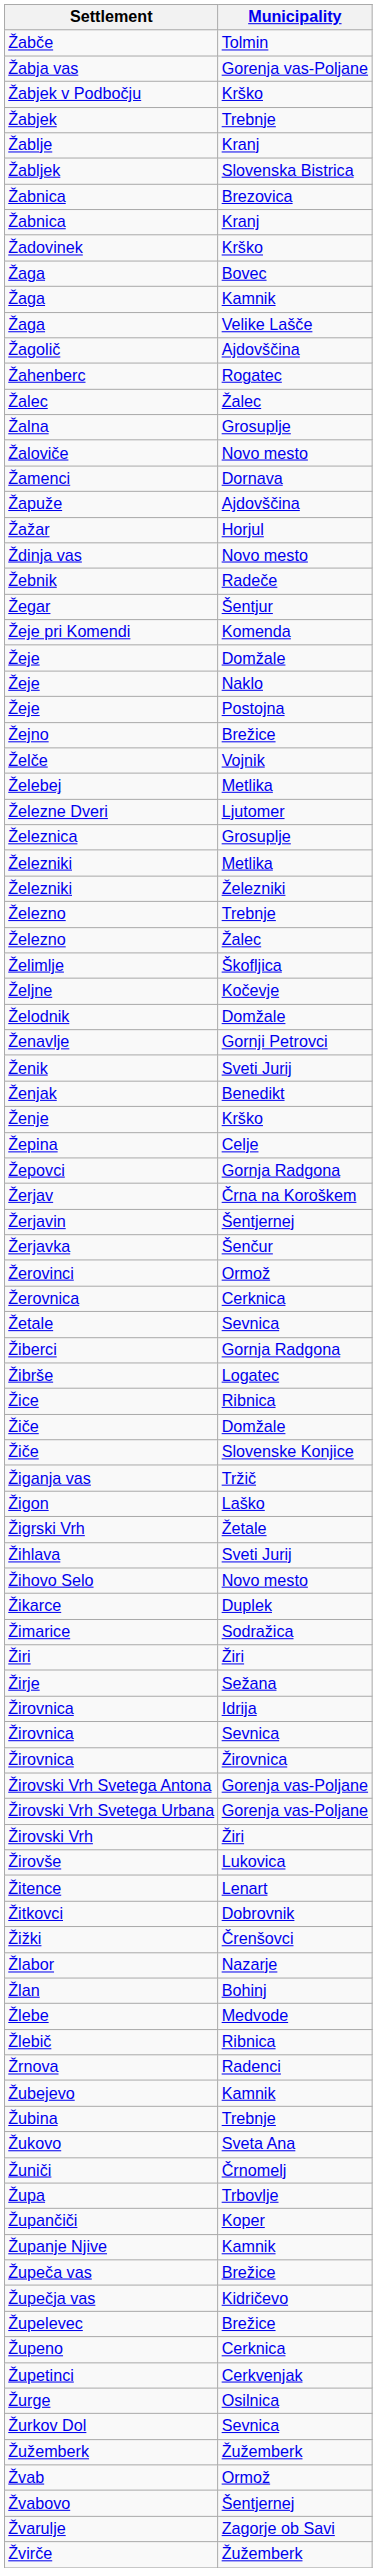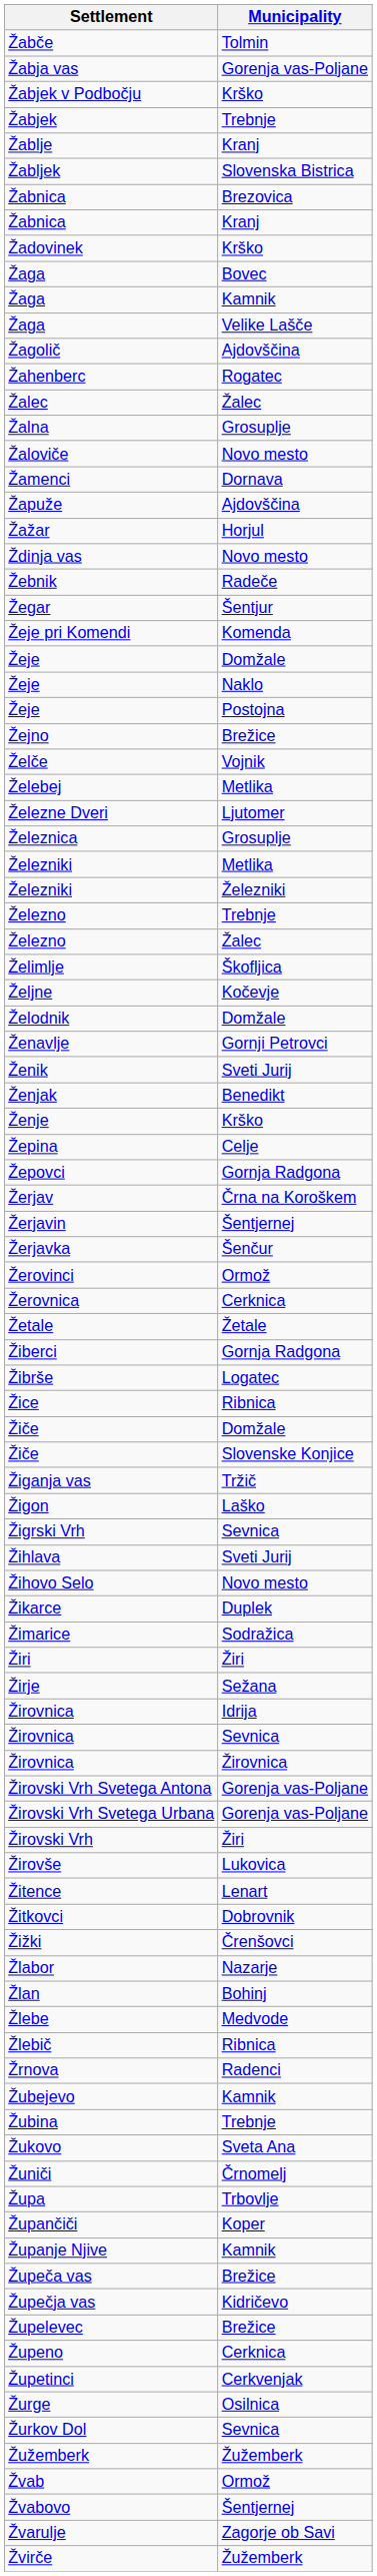 <table class="wikitable sortable">
 <tr>
 <th>Settlement</th>
 <th><a href='#'>Municipality</a></th>
 </tr>
 <tr>
 <td><a href='#'>Žabče</a></td>
 <td><a href='#'>Tolmin</a></td>
 </tr>
 <tr>
 <td><a href='#'>Žabja vas</a></td>
 <td><a href='#'>Gorenja vas-Poljane</a></td>
 </tr>
 <tr>
 <td><a href='#'>Žabjek v Podbočju</a></td>
 <td><a href='#'>Krško</a></td>
 </tr>
 <tr>
 <td><a href='#'>Žabjek</a></td>
 <td><a href='#'>Trebnje</a></td>
 </tr>
 <tr>
 <td><a href='#'>Žablje</a></td>
 <td><a href='#'>Kranj</a></td>
 </tr>
 <tr>
 <td><a href='#'>Žabljek</a></td>
 <td><a href='#'>Slovenska Bistrica</a></td>
 </tr>
 <tr>
 <td><a href='#'>Žabnica</a></td>
 <td><a href='#'>Brezovica</a></td>
 </tr>
 <tr>
 <td><a href='#'>Žabnica</a></td>
 <td><a href='#'>Kranj</a></td>
 </tr>
 <tr>
 <td><a href='#'>Žadovinek</a></td>
 <td><a href='#'>Krško</a></td>
 </tr>
 <tr>
 <td><a href='#'>Žaga</a></td>
 <td><a href='#'>Bovec</a></td>
 </tr>
 <tr>
 <td><a href='#'>Žaga</a></td>
 <td><a href='#'>Kamnik</a></td>
 </tr>
 <tr>
 <td><a href='#'>Žaga</a></td>
 <td><a href='#'>Velike Lašče</a></td>
 </tr>
 <tr>
 <td><a href='#'>Žagolič</a></td>
 <td><a href='#'>Ajdovščina</a></td>
 </tr>
 <tr>
 <td><a href='#'>Žahenberc</a></td>
 <td><a href='#'>Rogatec</a></td>
 </tr>
 <tr>
 <td><a href='#'>Žalec</a></td>
 <td><a href='#'>Žalec</a></td>
 </tr>
 <tr>
 <td><a href='#'>Žalna</a></td>
 <td><a href='#'>Grosuplje</a></td>
 </tr>
 <tr>
 <td><a href='#'>Žaloviče</a></td>
 <td><a href='#'>Novo mesto</a></td>
 </tr>
 <tr>
 <td><a href='#'>Žamenci</a></td>
 <td><a href='#'>Dornava</a></td>
 </tr>
 <tr>
 <td><a href='#'>Žapuže</a></td>
 <td><a href='#'>Ajdovščina</a></td>
 </tr>
 <tr>
 <td><a href='#'>Žažar</a></td>
 <td><a href='#'>Horjul</a></td>
 </tr>
 <tr>
 <td><a href='#'>Ždinja vas</a></td>
 <td><a href='#'>Novo mesto</a></td>
 </tr>
 <tr>
 <td><a href='#'>Žebnik</a></td>
 <td><a href='#'>Radeče</a></td>
 </tr>
 <tr>
 <td><a href='#'>Žegar</a></td>
 <td><a href='#'>Šentjur</a></td>
 </tr>
 <tr>
 <td><a href='#'>Žeje pri Komendi</a></td>
 <td><a href='#'>Komenda</a></td>
 </tr>
 <tr>
 <td><a href='#'>Žeje</a></td>
 <td><a href='#'>Domžale</a></td>
 </tr>
 <tr>
 <td><a href='#'>Žeje</a></td>
 <td><a href='#'>Naklo</a></td>
 </tr>
 <tr>
 <td><a href='#'>Žeje</a></td>
 <td><a href='#'>Postojna</a></td>
 </tr>
 <tr>
 <td><a href='#'>Žejno</a></td>
 <td><a href='#'>Brežice</a></td>
 </tr>
 <tr>
 <td><a href='#'>Želče</a></td>
 <td><a href='#'>Vojnik</a></td>
 </tr>
 <tr>
 <td><a href='#'>Želebej</a></td>
 <td><a href='#'>Metlika</a></td>
 </tr>
 <tr>
 <td><a href='#'>Železne Dveri</a></td>
 <td><a href='#'>Ljutomer</a></td>
 </tr>
 <tr>
 <td><a href='#'>Železnica</a></td>
 <td><a href='#'>Grosuplje</a></td>
 </tr>
 <tr>
 <td><a href='#'>Železniki</a></td>
 <td><a href='#'>Metlika</a></td>
 </tr>
 <tr>
 <td><a href='#'>Železniki</a></td>
 <td><a href='#'>Železniki</a></td>
 </tr>
 <tr>
 <td><a href='#'>Železno</a></td>
 <td><a href='#'>Trebnje</a></td>
 </tr>
 <tr>
 <td><a href='#'>Železno</a></td>
 <td><a href='#'>Žalec</a></td>
 </tr>
 <tr>
 <td><a href='#'>Želimlje</a></td>
 <td><a href='#'>Škofljica</a></td>
 </tr>
 <tr>
 <td><a href='#'>Željne</a></td>
 <td><a href='#'>Kočevje</a></td>
 </tr>
 <tr>
 <td><a href='#'>Želodnik</a></td>
 <td><a href='#'>Domžale</a></td>
 </tr>
 <tr>
 <td><a href='#'>Ženavlje</a></td>
 <td><a href='#'>Gornji Petrovci</a></td>
 </tr>
 <tr>
 <td><a href='#'>Ženik</a></td>
 <td><a href='#'>Sveti Jurij</a></td>
 </tr>
 <tr>
 <td><a href='#'>Ženjak</a></td>
 <td><a href='#'>Benedikt</a></td>
 </tr>
 <tr>
 <td><a href='#'>Ženje</a></td>
 <td><a href='#'>Krško</a></td>
 </tr>
 <tr>
 <td><a href='#'>Žepina</a></td>
 <td><a href='#'>Celje</a></td>
 </tr>
 <tr>
 <td><a href='#'>Žepovci</a></td>
 <td><a href='#'>Gornja Radgona</a></td>
 </tr>
 <tr>
 <td><a href='#'>Žerjav</a></td>
 <td><a href='#'>Črna na Koroškem</a></td>
 </tr>
 <tr>
 <td><a href='#'>Žerjavin</a></td>
 <td><a href='#'>Šentjernej</a></td>
 </tr>
 <tr>
 <td><a href='#'>Žerjavka</a></td>
 <td><a href='#'>Šenčur</a></td>
 </tr>
 <tr>
 <td><a href='#'>Žerovinci</a></td>
 <td><a href='#'>Ormož</a></td>
 </tr>
 <tr>
 <td><a href='#'>Žerovnica</a></td>
 <td><a href='#'>Cerknica</a></td>
 </tr>
 <tr>
 <td><a href='#'>Žetale</a></td>
-<td><a href='#'>Sevnica</a></td>
+<td><a href='#'>Žetale</a></td>
 </tr>
 <tr>
 <td><a href='#'>Žiberci</a></td>
 <td><a href='#'>Gornja Radgona</a></td>
 </tr>
 <tr>
 <td><a href='#'>Žibrše</a></td>
 <td><a href='#'>Logatec</a></td>
 </tr>
 <tr>
 <td><a href='#'>Žice</a></td>
 <td><a href='#'>Ribnica</a></td>
 </tr>
 <tr>
 <td><a href='#'>Žiče</a></td>
 <td><a href='#'>Domžale</a></td>
 </tr>
 <tr>
 <td><a href='#'>Žiče</a></td>
 <td><a href='#'>Slovenske Konjice</a></td>
 </tr>
 <tr>
 <td><a href='#'>Žiganja vas</a></td>
 <td><a href='#'>Tržič</a></td>
 </tr>
 <tr>
 <td><a href='#'>Žigon</a></td>
 <td><a href='#'>Laško</a></td>
 </tr>
 <tr>
 <td><a href='#'>Žigrski Vrh</a></td>
-<td><a href='#'>Žetale</a></td>
+<td><a href='#'>Sevnica</a></td>
 </tr>
 <tr>
 <td><a href='#'>Žihlava</a></td>
 <td><a href='#'>Sveti Jurij</a></td>
 </tr>
 <tr>
 <td><a href='#'>Žihovo Selo</a></td>
 <td><a href='#'>Novo mesto</a></td>
 </tr>
 <tr>
 <td><a href='#'>Žikarce</a></td>
 <td><a href='#'>Duplek</a></td>
 </tr>
 <tr>
 <td><a href='#'>Žimarice</a></td>
 <td><a href='#'>Sodražica</a></td>
 </tr>
 <tr>
 <td><a href='#'>Žiri</a></td>
 <td><a href='#'>Žiri</a></td>
 </tr>
 <tr>
 <td><a href='#'>Žirje</a></td>
 <td><a href='#'>Sežana</a></td>
 </tr>
 <tr>
 <td><a href='#'>Žirovnica</a></td>
 <td><a href='#'>Idrija</a></td>
 </tr>
 <tr>
 <td><a href='#'>Žirovnica</a></td>
 <td><a href='#'>Sevnica</a></td>
 </tr>
 <tr>
 <td><a href='#'>Žirovnica</a></td>
 <td><a href='#'>Žirovnica</a></td>
 </tr>
 <tr>
 <td><a href='#'>Žirovski Vrh Svetega Antona</a></td>
 <td><a href='#'>Gorenja vas-Poljane</a></td>
 </tr>
 <tr>
 <td><a href='#'>Žirovski Vrh Svetega Urbana</a></td>
 <td><a href='#'>Gorenja vas-Poljane</a></td>
 </tr>
 <tr>
 <td><a href='#'>Žirovski Vrh</a></td>
 <td><a href='#'>Žiri</a></td>
 </tr>
 <tr>
 <td><a href='#'>Žirovše</a></td>
 <td><a href='#'>Lukovica</a></td>
 </tr>
 <tr>
 <td><a href='#'>Žitence</a></td>
 <td><a href='#'>Lenart</a></td>
 </tr>
 <tr>
 <td><a href='#'>Žitkovci</a></td>
 <td><a href='#'>Dobrovnik</a></td>
 </tr>
 <tr>
 <td><a href='#'>Žižki</a></td>
 <td><a href='#'>Črenšovci</a></td>
 </tr>
 <tr>
 <td><a href='#'>Žlabor</a></td>
 <td><a href='#'>Nazarje</a></td>
 </tr>
 <tr>
 <td><a href='#'>Žlan</a></td>
 <td><a href='#'>Bohinj</a></td>
 </tr>
 <tr>
 <td><a href='#'>Žlebe</a></td>
 <td><a href='#'>Medvode</a></td>
 </tr>
 <tr>
 <td><a href='#'>Žlebič</a></td>
 <td><a href='#'>Ribnica</a></td>
 </tr>
 <tr>
 <td><a href='#'>Žrnova</a></td>
 <td><a href='#'>Radenci</a></td>
 </tr>
 <tr>
 <td><a href='#'>Žubejevo</a></td>
 <td><a href='#'>Kamnik</a></td>
 </tr>
 <tr>
 <td><a href='#'>Žubina</a></td>
 <td><a href='#'>Trebnje</a></td>
 </tr>
 <tr>
 <td><a href='#'>Žukovo</a></td>
 <td><a href='#'>Sveta Ana</a></td>
 </tr>
 <tr>
 <td><a href='#'>Žuniči</a></td>
 <td><a href='#'>Črnomelj</a></td>
 </tr>
 <tr>
 <td><a href='#'>Župa</a></td>
 <td><a href='#'>Trbovlje</a></td>
 </tr>
 <tr>
 <td><a href='#'>Župančiči</a></td>
 <td><a href='#'>Koper</a></td>
 </tr>
 <tr>
 <td><a href='#'>Županje Njive</a></td>
 <td><a href='#'>Kamnik</a></td>
 </tr>
 <tr>
 <td><a href='#'>Župeča vas</a></td>
 <td><a href='#'>Brežice</a></td>
 </tr>
 <tr>
 <td><a href='#'>Župečja vas</a></td>
 <td><a href='#'>Kidričevo</a></td>
 </tr>
 <tr>
 <td><a href='#'>Župelevec</a></td>
 <td><a href='#'>Brežice</a></td>
 </tr>
 <tr>
 <td><a href='#'>Župeno</a></td>
 <td><a href='#'>Cerknica</a></td>
 </tr>
 <tr>
 <td><a href='#'>Župetinci</a></td>
 <td><a href='#'>Cerkvenjak</a></td>
 </tr>
 <tr>
 <td><a href='#'>Žurge</a></td>
 <td><a href='#'>Osilnica</a></td>
 </tr>
 <tr>
 <td><a href='#'>Žurkov Dol</a></td>
 <td><a href='#'>Sevnica</a></td>
 </tr>
 <tr>
 <td><a href='#'>Žužemberk</a></td>
 <td><a href='#'>Žužemberk</a></td>
 </tr>
 <tr>
 <td><a href='#'>Žvab</a></td>
 <td><a href='#'>Ormož</a></td>
 </tr>
 <tr>
 <td><a href='#'>Žvabovo</a></td>
 <td><a href='#'>Šentjernej</a></td>
 </tr>
 <tr>
 <td><a href='#'>Žvarulje</a></td>
 <td><a href='#'>Zagorje ob Savi</a></td>
 </tr>
 <tr>
 <td><a href='#'>Žvirče</a></td>
 <td><a href='#'>Žužemberk</a></td>
 </tr>
 </table>
